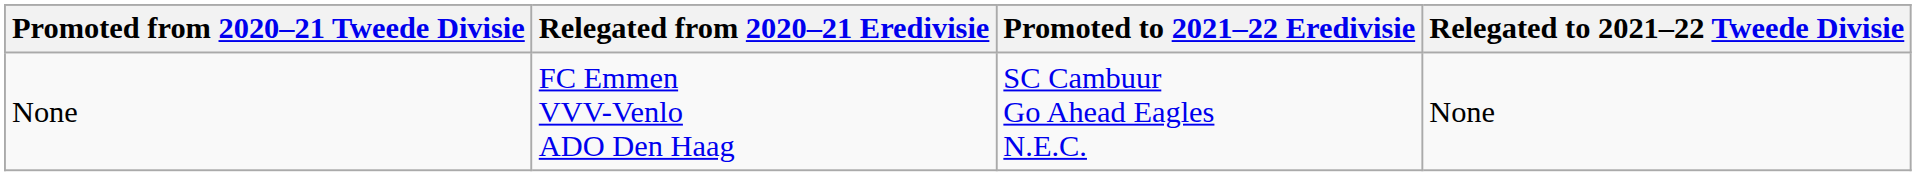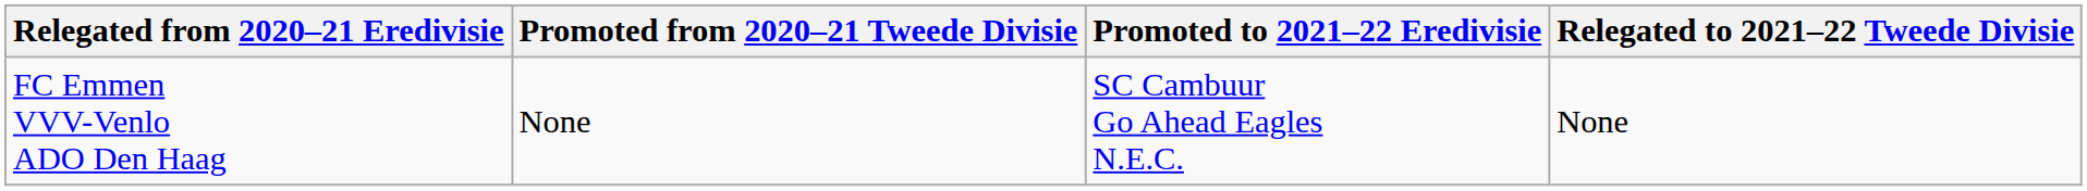 <table class="wikitable">
 <tr>
+<th>Relegated from <a href='#'>2020–21 Eredivisie</a></th>
 <th>Promoted from <a href='#'>2020–21 Tweede Divisie</a></th>
-<th>Relegated from <a href='#'>2020–21 Eredivisie</a></th>
 <th>Promoted to <a href='#'>2021–22 Eredivisie</a></th>
 <th>Relegated to 2021–22 <a href='#'>Tweede Divisie</a></th>
 </tr>
 <tr>
+<td><a href='#'>FC Emmen</a><br><a href='#'>VVV-Venlo</a><br><a href='#'>ADO Den Haag</a></td>
 <td>None</td>
-<td><a href='#'>FC Emmen</a><br><a href='#'>VVV-Venlo</a><br><a href='#'>ADO Den Haag</a></td>
 <td><a href='#'>SC Cambuur</a><br><a href='#'>Go Ahead Eagles</a><br><a href='#'>N.E.C.</a></td>
 <td>None</td>
 </tr>
 </table>
